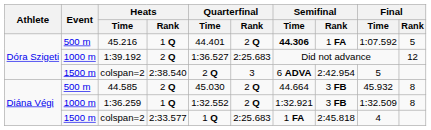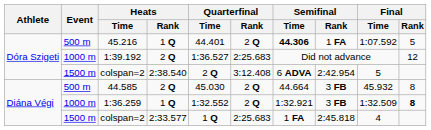 <table class="wikitable" style="font-size:90%">
 <tr>
 <th rowspan=2>Athlete</th>
 <th rowspan=2>Event</th>
 <th colspan=2>Heats</th>
 <th colspan=2>Quarterfinal</th>
 <th colspan=2>Semifinal</th>
 <th colspan=2>Final</th>
 </tr>
 <tr style="font-size:95%">
 <th>Time</th>
 <th>Rank</th>
 <th>Time</th>
 <th>Rank</th>
 <th>Time</th>
 <th>Rank</th>
 <th>Time</th>
 <th>Rank</th>
 </tr>
 <tr align=center>
 <td align=left rowspan=3><a href='#'>Dóra Szigeti</a></td>
 <td align=left><a href='#'>500 m</a></td>
 <td>45.216</td>
 <td>1 <strong>Q</strong></td>
 <td>44.401</td>
 <td>2 <strong>Q</strong></td>
 <td><strong>44.306</strong></td>
 <td>1 <strong>FA</strong></td>
 <td>1:07.592</td>
 <td>5</td>
 </tr>
 <tr align=center>
 <td align=left><a href='#'>1000 m</a></td>
 <td>1:39.192</td>
 <td>2 <strong>Q</strong></td>
 <td>1:36.527</td>
 <td>2:25.683</td>
 <td colspan=3>Did not advance</td>
 <td>12</td>
 </tr>
 <tr align=center>
 <td align=left><a href='#'>1500 m</a></td>
 <td>colspan=2 </td>
 <td>2:38.540</td>
 <td>2 <strong>Q</strong></td>
-<td>3</td>
+<td>3:12.408</td>
 <td>6 <strong>ADVA</strong></td>
 <td>2:42.954</td>
 <td>5</td>
 </tr>
 <tr align=center>
 <td align=left rowspan=3><a href='#'>Diána Végi</a></td>
 <td align=left><a href='#'>500 m</a></td>
 <td>44.585</td>
 <td>2 <strong>Q</strong></td>
 <td>45.030</td>
 <td>2 <strong>Q</strong></td>
 <td>44.664</td>
 <td>3 <strong>FB</strong></td>
 <td>45.932</td>
 <td>8</td>
 </tr>
 <tr align=center>
 <td align=left><a href='#'>1000 m</a></td>
 <td>1:36.259</td>
 <td>1 <strong>Q</strong></td>
 <td>1:32.552</td>
 <td>2 <strong>Q</strong></td>
 <td>1:32.921</td>
 <td>3 <strong>FB</strong></td>
 <td>1:32.509</td>
-<td>8</td>
+<td><strong>8</strong></td>
 </tr>
 <tr align=center>
 <td align=left><a href='#'>1500 m</a></td>
 <td>colspan=2 </td>
 <td>2:33.577</td>
 <td>1 <strong>Q</strong></td>
 <td>2:25.683</td>
 <td>1 <strong>FA</strong></td>
 <td>2:45.818</td>
 <td>4</td>
 </tr>
 </table>
